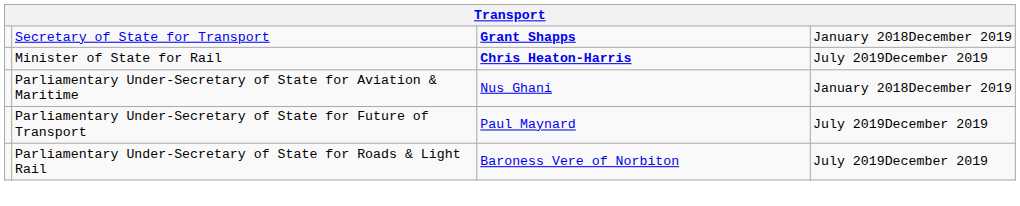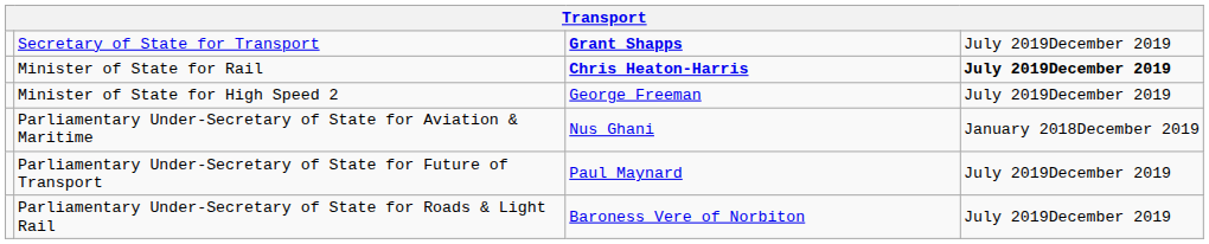 <table class="wikitable">
 <tr>
 <th colspan="4"><a href='#'>Transport</a></th>
 </tr>
 <tr>
 <td style="width: 1px; background: "></td>
 <td style="width: 450px;"><a href='#'>Secretary of State for Transport</a></td>
 <td style="width: 320px;"><strong><a href='#'>Grant Shapps</a></strong></td>
-<td>January 2018December 2019</td>
+<td>July 2019December 2019</td>
 </tr>
 <tr>
 <td style="width: 1px; background: "></td>
 <td style="width: 450px;">Minister of State for Rail</td>
 <td style="width: 320px;"><strong><a href='#'>Chris Heaton-Harris</a></strong></td>
+<td><strong>July 2019December 2019</strong></td>
+</tr>
+<tr>
+<td style="width: 1px; background: "></td>
+<td style="width: 450px;">Minister of State for High Speed 2</td>
+<td style="width: 320px;"><a href='#'>George Freeman</a></td>
 <td>July 2019December 2019</td>
 </tr>
 <tr>
 <td style="width: 1px; background: "></td>
 <td style="width: 450px;">Parliamentary Under-Secretary of State for Aviation & Maritime</td>
 <td style="width: 320px;"><a href='#'>Nus Ghani</a> <br></td>
 <td>January 2018December 2019</td>
 </tr>
 <tr>
 <td style="width: 1px; background: "></td>
 <td>Parliamentary Under-Secretary of State for Future of Transport</td>
 <td><a href='#'>Paul Maynard</a></td>
 <td>July 2019December 2019</td>
 </tr>
 <tr>
 <td style="width: 1px; background: "></td>
 <td>Parliamentary Under-Secretary of State for Roads & Light Rail</td>
 <td><a href='#'>Baroness Vere of Norbiton</a></td>
 <td>July 2019December 2019</td>
 </tr>
 </table>
